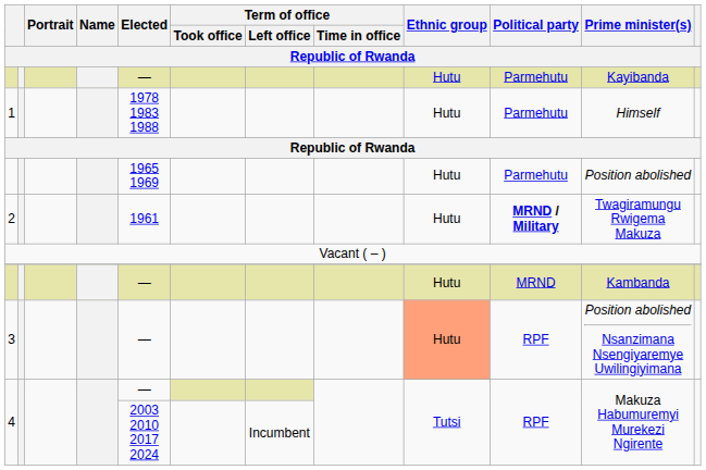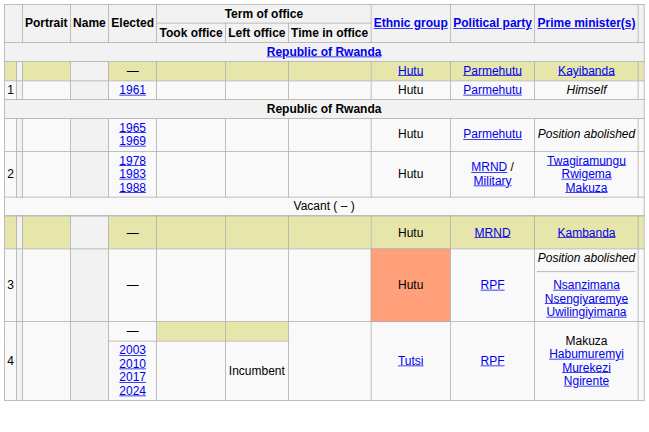 <table class="wikitable sortable" style="text-align:center">
 <tr>
 <th rowspan="2" colspan="2" scope="col"></th>
 <th rowspan="2" scope="col" class="unsortable">Portrait</th>
 <th rowspan="2" scope="col">Name<br></th>
 <th rowspan="2" scope="col">Elected</th>
 <th colspan="3" scope="colgroup">Term of office</th>
 <th rowspan="2" scope="col"><a href='#'>Ethnic group</a></th>
 <th rowspan="2" scope="col"><a href='#'>Political party</a></th>
 <th rowspan="2" scope="col"><a href='#'>Prime minister(s)</a></th>
 <th rowspan="2" scope="col" class="unsortable"></th>
 </tr>
 <tr>
 <th scope="col">Took office</th>
 <th scope="col">Left office</th>
 <th scope="col">Time in office</th>
 </tr>
 <tr>
 <th colspan="12"><a href='#'>Republic of Rwanda</a> </th>
 </tr>
 <tr style="background:#e6e6aa;">
 <td></td>
 <th style="background:"></th>
 <td></td>
 <th scope="row"><br></th>
 <td>—</td>
 <td></td>
 <td></td>
 <td></td>
 <td><a href='#'>Hutu</a></td>
 <td><a href='#'>Parmehutu</a></td>
 <td><a href='#'>Kayibanda</a></td>
 <td></td>
 </tr>
 <tr>
 <td>1</td>
 <th style="background:"></th>
 <td></td>
 <th scope="row"><br></th>
-<td><a href='#'>1978</a><br><a href='#'>1983</a><br><a href='#'>1988</a></td>
+<td><a href='#'>1961</a></td>
 <td></td>
 <td></td>
 <td></td>
 <td>Hutu</td>
 <td><a href='#'>Parmehutu</a></td>
 <td><em>Himself</em></td>
 <td></td>
 </tr>
 <tr>
 <th colspan="12">Republic of Rwanda </th>
 </tr>
 <tr>
 <td></td>
 <th style="background:"></th>
 <td></td>
 <th scope="row"><br></th>
 <td><a href='#'>1965</a><br><a href='#'>1969</a></td>
 <td></td>
 <td><br></td>
 <td></td>
 <td>Hutu</td>
 <td><a href='#'>Parmehutu</a></td>
 <td><em>Position abolished</em></td>
 <td></td>
 </tr>
 <tr>
 <td>2</td>
 <th style="background:"></th>
 <td></td>
 <th scope="row"><br><br></th>
-<td><a href='#'>1961</a></td>
+<td><a href='#'>1978</a><br><a href='#'>1983</a><br><a href='#'>1988</a></td>
 <td></td>
 <td><br></td>
 <td></td>
 <td>Hutu</td>
-<td><strong><a href='#'>MRND</a> / <br><a href='#'>Military</a></strong></td>
+<td><a href='#'>MRND</a> / <br><a href='#'>Military</a></td>
 <td><a href='#'>Twagiramungu</a><br><a href='#'>Rwigema</a><br><a href='#'>Makuza</a></td>
 <td></td>
 </tr>
 <tr>
 <td colspan="12">Vacant ( – )</td>
 </tr>
 <tr>
 </tr>
 <tr style="background:#e6e6aa;">
 <td></td>
 <th style="background:"></th>
 <td></td>
 <th scope="row"><br><br></th>
 <td>—</td>
 <td></td>
 <td><br><br></td>
 <td></td>
 <td>Hutu</td>
 <td><a href='#'>MRND</a></td>
 <td><a href='#'>Kambanda</a></td>
 <td></td>
 </tr>
 <tr>
 <td>3</td>
 <th style="background:"></th>
 <td></td>
 <th scope="row"><br></th>
 <td>—</td>
 <td></td>
 <td><br></td>
 <td></td>
 <td style="background: lightsalmon;">Hutu</td>
 <td><a href='#'>RPF</a></td>
 <td><em>Position abolished<br></em><hr><a href='#'>Nsanzimana</a><br><a href='#'>Nsengiyaremye</a><br><a href='#'>Uwilingiyimana</a></td>
 <td></td>
 </tr>
 <tr>
 <td rowspan="2">4</td>
 <th rowspan="2" style="background:"></th>
 <td rowspan="2"></td>
 <th rowspan="2" scope="row"><br></th>
 <td>—</td>
 <td style="background:#e6e6aa;"></td>
 <td style="background:#e6e6aa;"></td>
 <td rowspan="2"></td>
 <td rowspan="2"><a href='#'>Tutsi</a></td>
 <td rowspan="2"><a href='#'>RPF</a></td>
 <td rowspan="2">Makuza<br><a href='#'>Habumuremyi</a><br><a href='#'>Murekezi</a><br><a href='#'>Ngirente</a></td>
 <td rowspan="2"></td>
 </tr>
 <tr>
 <td><a href='#'>2003</a><br><a href='#'>2010</a><br><a href='#'>2017</a><br><a href='#'>2024</a></td>
 <td></td>
 <td>Incumbent</td>
 </tr>
 </table>
